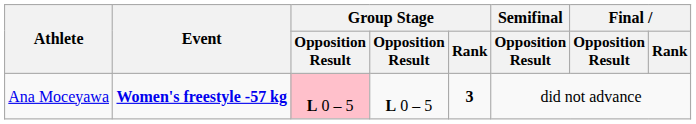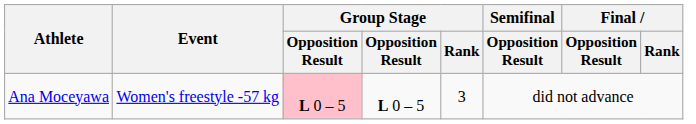 <table class="wikitable" style="font-size:90%;">
 <tr>
 <th rowspan=2>Athlete</th>
 <th rowspan=2>Event</th>
 <th colspan=3>Group Stage</th>
 <th>Semifinal</th>
 <th colspan=2>Final / </th>
 </tr>
 <tr style="font-size: 95%">
 <th>Opposition<br>Result</th>
 <th>Opposition<br>Result</th>
 <th>Rank</th>
 <th>Opposition<br>Result</th>
 <th>Opposition<br>Result</th>
 <th>Rank</th>
 </tr>
 <tr align=center>
 <td align=left><a href='#'>Ana Moceyawa</a></td>
-<td align=left><strong><a href='#'>Women's freestyle -57 kg</a></strong></td>
+<td align=left><a href='#'>Women's freestyle -57 kg</a></td>
 <td style="background: pink;"><br><strong>L</strong> 0 – 5</td>
 <td><br><strong>L</strong> 0 – 5</td>
-<td><strong>3</strong></td>
+<td>3</td>
 <td colspan=3>did not advance</td>
 </tr>
 </table>
